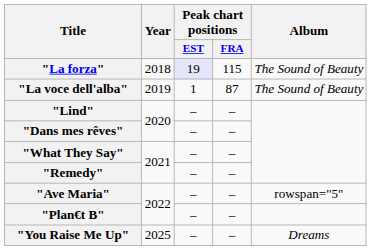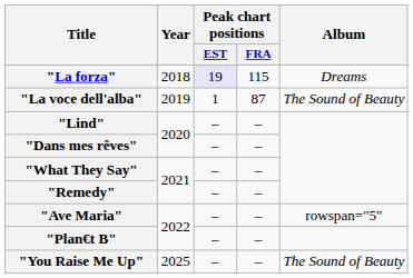 <table class="wikitable plainrowheaders" style="text-align:center;">
 <tr>
 <th scope="col" rowspan="2" style="width:10em;">Title</th>
 <th scope="col" rowspan="2" style="width:1em;">Year</th>
 <th scope="col" colspan="2">Peak chart positions</th>
 <th scope="col" rowspan="2">Album</th>
 </tr>
 <tr>
 <th scope="col" style="width:3em;font-size:85%;"><a href='#'>EST</a><br></th>
 <th scope="col" style="width:3em;font-size:85%;"><a href='#'>FRA</a><br></th>
 </tr>
 <tr>
 <th scope="row">"<a href='#'>La forza</a>"</th>
 <td>2018</td>
 <td style="background: lavender;">19</td>
 <td>115</td>
-<td><em>The Sound of Beauty</em></td>
+<td rowspan="1"><em>Dreams</em></td>
 </tr>
 <tr>
 <th scope="row">"La voce dell'alba"</th>
 <td>2019</td>
 <td>1</td>
 <td>87</td>
 <td><em>The Sound of Beauty</em></td>
 </tr>
 <tr>
 <th scope="row">"Lind"</th>
 <td rowspan="2">2020</td>
 <td>–</td>
 <td>–</td>
 </tr>
 <tr>
 <th scope="row">"Dans mes rêves"</th>
 <td>–</td>
 <td>–</td>
 </tr>
 <tr>
 <th scope="row">"What They Say"</th>
 <td rowspan="2">2021</td>
 <td>–</td>
 <td>–</td>
 </tr>
 <tr>
 <th scope="row">"Remedy"</th>
 <td>–</td>
 <td>–</td>
 </tr>
 <tr>
 <th scope="row">"Ave Maria"</th>
 <td rowspan="2">2022</td>
 <td>–</td>
 <td>–</td>
 <td>rowspan="5" </td>
 </tr>
 <tr>
 <th scope="row">"Plan€t B"</th>
 <td>–</td>
 <td>–</td>
 <td></td>
 </tr>
 <tr>
 <th scope="row">"You Raise Me Up"</th>
 <td rowspan="1">2025</td>
 <td>–</td>
 <td>–</td>
-<td rowspan="1"><em>Dreams</em></td>
+<td><em>The Sound of Beauty</em></td>
 </tr>
 </table>
